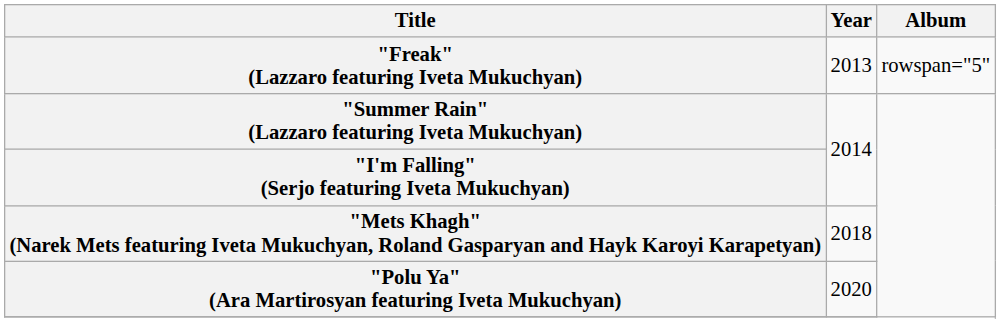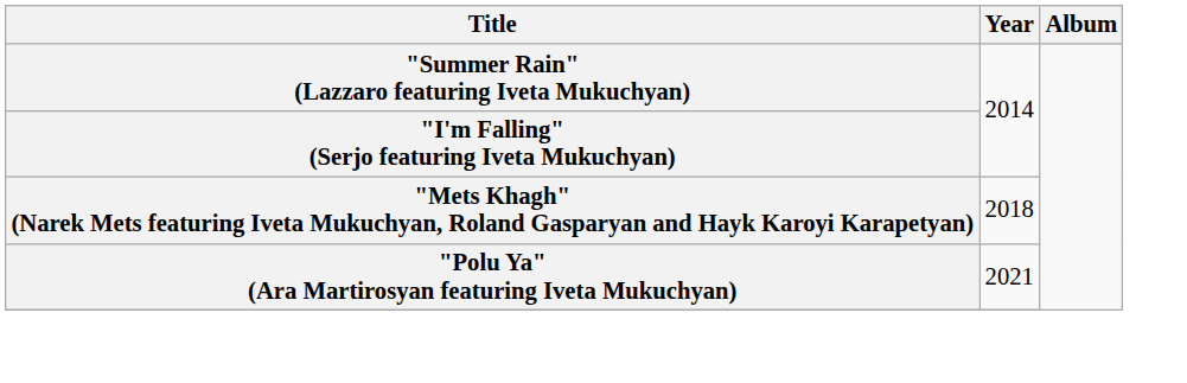 <table class="wikitable plainrowheaders" style="text-align:center;">
 <tr>
 <th scope="col">Title</th>
 <th scope="col">Year</th>
 <th scope="col">Album</th>
-</tr>
-<tr>
-<th scope="row">"Freak"<br><span>(Lazzaro featuring Iveta Mukuchyan)</span></th>
-<td>2013</td>
-<td>rowspan="5" </td>
 </tr>
 <tr>
 <th scope="row">"Summer Rain"<br><span>(Lazzaro featuring Iveta Mukuchyan)</span></th>
 <td rowspan="2">2014</td>
 </tr>
 <tr>
 <th scope="row">"I'm Falling"<br><span>(Serjo featuring Iveta Mukuchyan)</span></th>
 </tr>
 <tr>
 <th scope="row">"Mets Khagh"<br><span>(Narek Mets featuring Iveta Mukuchyan, Roland Gasparyan and Hayk Karoyi Karapetyan)</span></th>
 <td>2018</td>
 </tr>
 <tr>
 <th scope="row">"Polu Ya"<br><span>(Ara Martirosyan featuring Iveta Mukuchyan)</span></th>
-<td>2020</td>
+<td>2021</td>
 </tr>
 <tr>
 </tr>
 </table>
